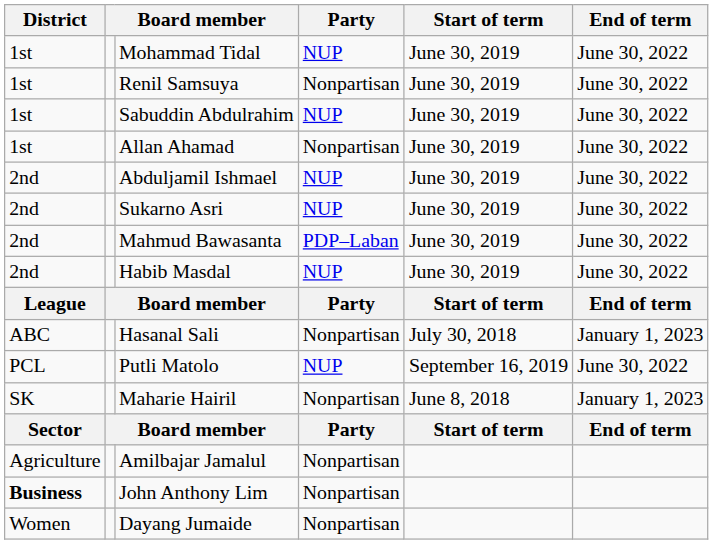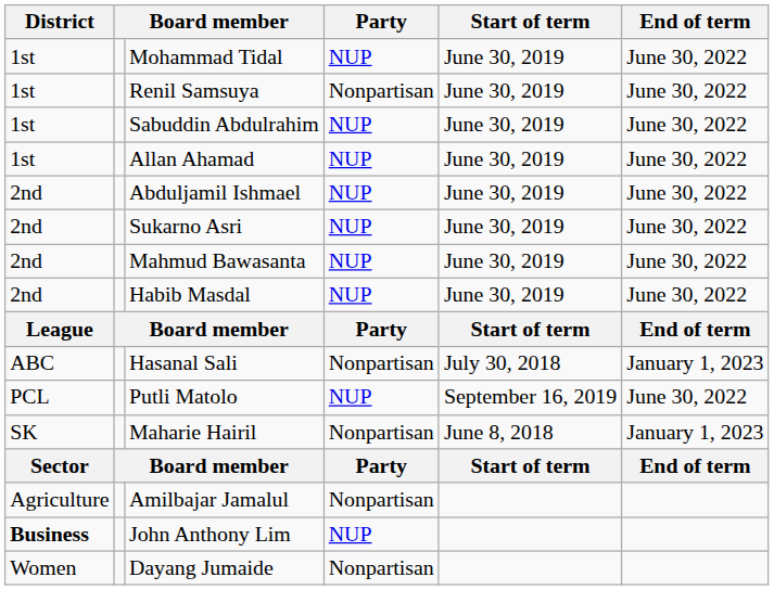 <table class="wikitable">
 <tr>
 <th>District</th>
 <th colspan="2">Board member</th>
 <th>Party</th>
 <th>Start of term</th>
 <th>End of term</th>
 </tr>
 <tr>
 <td>1st</td>
 <td></td>
 <td>Mohammad Tidal</td>
 <td><a href='#'>NUP</a></td>
 <td>June 30, 2019</td>
 <td>June 30, 2022</td>
 </tr>
 <tr>
 <td>1st</td>
 <td></td>
 <td>Renil Samsuya</td>
 <td>Nonpartisan</td>
 <td>June 30, 2019</td>
 <td>June 30, 2022</td>
 </tr>
 <tr>
 <td>1st</td>
 <td></td>
 <td>Sabuddin Abdulrahim</td>
 <td><a href='#'>NUP</a></td>
 <td>June 30, 2019</td>
 <td>June 30, 2022</td>
 </tr>
 <tr>
 <td>1st</td>
 <td></td>
 <td>Allan Ahamad</td>
-<td>Nonpartisan</td>
+<td><a href='#'>NUP</a></td>
 <td>June 30, 2019</td>
 <td>June 30, 2022</td>
 </tr>
 <tr>
 <td>2nd</td>
 <td></td>
 <td>Abduljamil Ishmael</td>
 <td><a href='#'>NUP</a></td>
 <td>June 30, 2019</td>
 <td>June 30, 2022</td>
 </tr>
 <tr>
 <td>2nd</td>
 <td></td>
 <td>Sukarno Asri</td>
 <td><a href='#'>NUP</a></td>
 <td>June 30, 2019</td>
 <td>June 30, 2022</td>
 </tr>
 <tr>
 <td>2nd</td>
 <td></td>
 <td>Mahmud Bawasanta</td>
-<td><a href='#'>PDP–Laban</a></td>
+<td><a href='#'>NUP</a></td>
 <td>June 30, 2019</td>
 <td>June 30, 2022</td>
 </tr>
 <tr>
 <td>2nd</td>
 <td></td>
 <td>Habib Masdal</td>
 <td><a href='#'>NUP</a></td>
 <td>June 30, 2019</td>
 <td>June 30, 2022</td>
 </tr>
 <tr>
 <th>League</th>
 <th colspan="2">Board member</th>
 <th>Party</th>
 <th>Start of term</th>
 <th>End of term</th>
 </tr>
 <tr>
 <td>ABC</td>
 <td></td>
 <td>Hasanal Sali</td>
 <td>Nonpartisan</td>
 <td>July 30, 2018</td>
 <td>January 1, 2023</td>
 </tr>
 <tr>
 <td>PCL</td>
 <td></td>
 <td>Putli Matolo</td>
 <td><a href='#'>NUP</a></td>
 <td>September 16, 2019</td>
 <td>June 30, 2022</td>
 </tr>
 <tr>
 <td>SK</td>
 <td></td>
 <td>Maharie Hairil</td>
 <td>Nonpartisan</td>
 <td>June 8, 2018</td>
 <td>January 1, 2023</td>
 </tr>
 <tr>
 <th>Sector</th>
 <th colspan="2">Board member</th>
 <th>Party</th>
 <th>Start of term</th>
 <th>End of term</th>
 </tr>
 <tr>
 <td>Agriculture</td>
 <td></td>
 <td>Amilbajar Jamalul</td>
 <td>Nonpartisan</td>
 <td></td>
 <td></td>
 </tr>
 <tr>
 <td><strong>Business</strong></td>
 <td></td>
 <td>John Anthony Lim</td>
-<td>Nonpartisan</td>
+<td><a href='#'>NUP</a></td>
 <td></td>
 <td></td>
 </tr>
 <tr>
 <td>Women</td>
 <td></td>
 <td>Dayang Jumaide</td>
 <td>Nonpartisan</td>
 <td></td>
 <td></td>
 </tr>
 </table>
